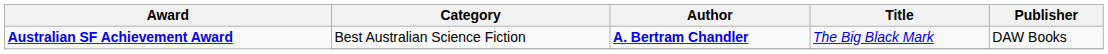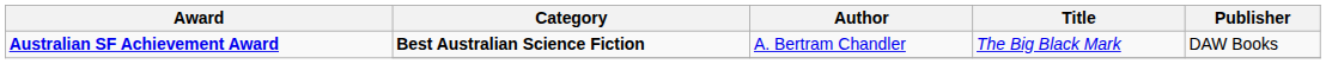 <table class="wikitable" width=100%>
 <tr>
 <th>Award</th>
 <th>Category</th>
 <th>Author</th>
 <th>Title</th>
 <th>Publisher</th>
 </tr>
 <tr>
 <td rowspan=2><strong><a href='#'> Australian SF Achievement Award</a></strong></td>
-<td>Best Australian Science Fiction</td>
-<td><strong><a href='#'>A. Bertram Chandler</a></strong></td>
+<td><strong>Best Australian Science Fiction</strong></td>
+<td><a href='#'>A. Bertram Chandler</a></td>
 <td><em><a href='#'>The Big Black Mark</a></em></td>
 <td>DAW Books</td>
 </tr>
 <tr>
 </tr>
 </table>
